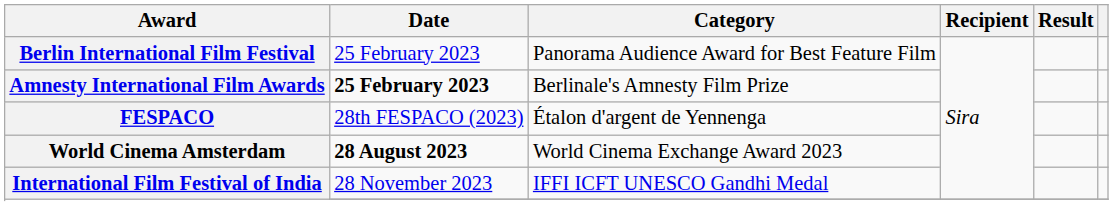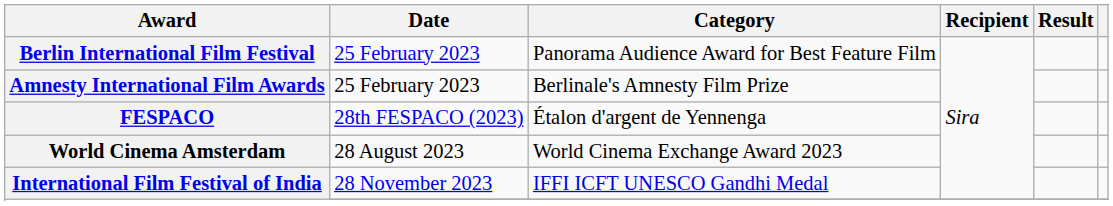 <table class="wikitable sortable plainrowheaders">
 <tr>
 <th>Award</th>
 <th>Date</th>
 <th>Category</th>
 <th>Recipient</th>
 <th>Result</th>
 <th></th>
 </tr>
 <tr>
 <th scope="row"><a href='#'>Berlin International Film Festival</a></th>
 <td><a href='#'>25 February 2023</a></td>
 <td>Panorama Audience Award for Best Feature Film</td>
 <td rowspan=5><em>Sira</em></td>
 <td></td>
 <td align="center" rowspan="1"></td>
 </tr>
 <tr>
 <th scope="row"><a href='#'>Amnesty International Film Awards</a></th>
-<td><strong>25 February 2023</strong></td>
+<td>25 February 2023</td>
 <td>Berlinale's Amnesty Film Prize</td>
 <td></td>
 <td align="center" rowspan="1"></td>
 </tr>
 <tr>
 <th scope="row"><a href='#'>FESPACO</a></th>
 <td><a href='#'>28th FESPACO (2023)</a></td>
 <td>Étalon d'argent de Yennenga</td>
 <td></td>
 <td align="center" rowspan="1"></td>
 </tr>
 <tr>
 <th scope="row">World Cinema Amsterdam</th>
-<td><strong>28 August 2023</strong></td>
+<td>28 August 2023</td>
 <td>World Cinema Exchange Award 2023</td>
 <td></td>
 <td align="center" rowspan="1"></td>
 </tr>
 <tr>
 <th rowspan="2" scope="row"><a href='#'>International Film Festival of India</a></th>
 <td><a href='#'>28 November 2023</a></td>
 <td><a href='#'>IFFI ICFT UNESCO Gandhi Medal</a></td>
 <td></td>
 <td style="text-align:center;"></td>
 </tr>
 <tr>
 </tr>
 </table>
